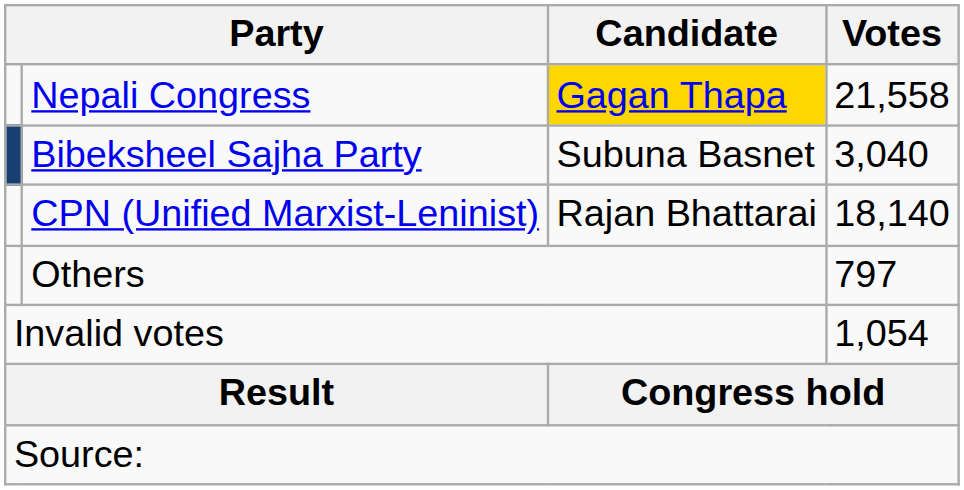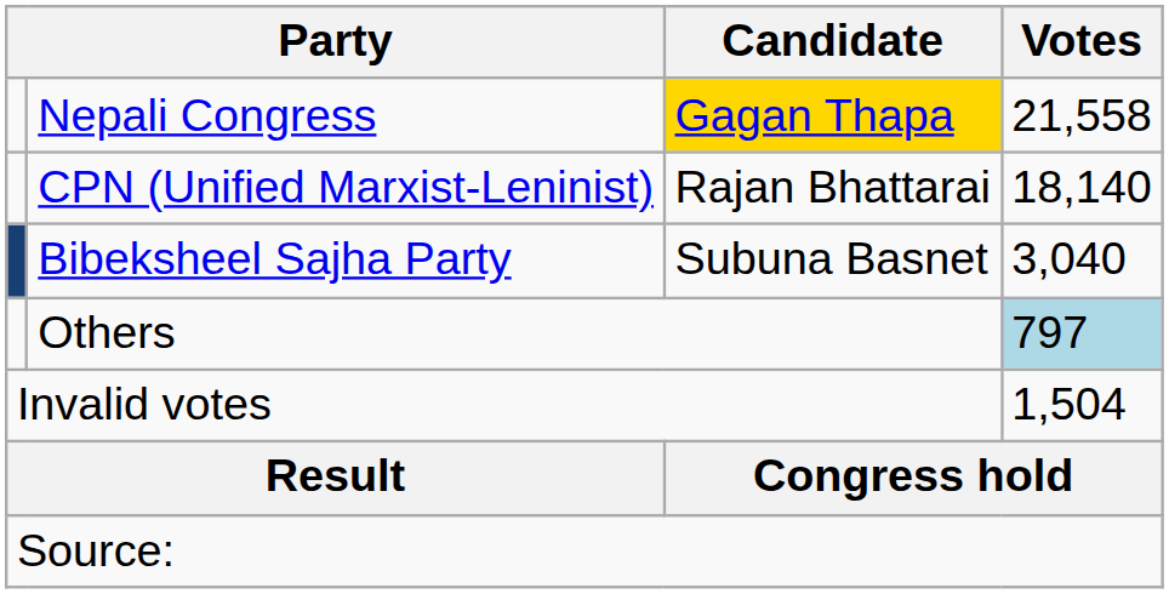 <table class="wikitable">
 <tr>
 <th colspan="2">Party</th>
 <th>Candidate</th>
 <th>Votes</th>
 </tr>
 <tr>
 <td style="background-color:"></td>
 <td><a href='#'>Nepali Congress</a></td>
 <td style="background: gold;"><a href='#'>Gagan Thapa</a></td>
 <td>21,558</td>
 </tr>
 <tr>
+<td style="background-color:"></td>
+<td><a href='#'>CPN (Unified Marxist-Leninist)</a></td>
+<td>Rajan Bhattarai</td>
+<td>18,140</td>
+</tr>
+<tr>
 <td style="background-color:#183F73"></td>
 <td><a href='#'>Bibeksheel Sajha Party</a></td>
 <td>Subuna Basnet</td>
 <td>3,040</td>
 </tr>
 <tr>
-<td style="background-color:"></td>
-<td><a href='#'>CPN (Unified Marxist-Leninist)</a></td>
-<td>Rajan Bhattarai</td>
-<td>18,140</td>
-</tr>
-<tr>
 <td></td>
 <td colspan="2">Others</td>
-<td>797</td>
+<td style="background: lightblue;">797</td>
 </tr>
 <tr>
 <td colspan="3">Invalid votes</td>
-<td>1,054</td>
+<td>1,504</td>
 </tr>
 <tr>
 <th colspan="2">Result</th>
 <th colspan="2">Congress hold</th>
 </tr>
 <tr>
 <td colspan="4">Source: </td>
 </tr>
 </table>
